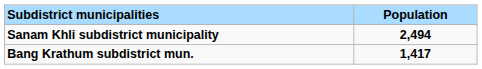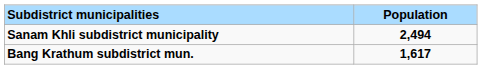 <table class="wikitable" style="width:48%; display:inline-table;">
 <tr>
 <th scope="col" style= "width:74%; background: #aadcff; text-align:left;"><strong>Subdistrict municipalities</strong></th>
 <td scope="col" style= "width:26%; background: #aadcff; text-align:center;"><strong>Population</strong></td>
 </tr>
 <tr>
 <td><strong>Sanam Khli subdistrict municipality</strong></td>
 <td style="text-align:center;"><strong>2,494</strong></td>
 </tr>
 <tr>
 <td><strong>Bang Krathum subdistrict mun.</strong></td>
-<td style="text-align:center;"><strong>1,417</strong></td>
+<td style="text-align:center;"><strong>1,617</strong></td>
 </tr>
 </table>
